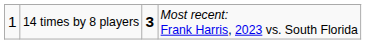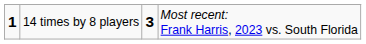 <table class="wikitable">
 <tr>
 </tr>
 <tr>
-<td>1</td>
+<td><strong>1</strong></td>
 <td style="font-size:80%;">14 times by 8 players</td>
 <td><strong>3</strong></td>
 <td colspan=2 style="font-size:80%;"><em>Most recent:</em><br><a href='#'>Frank Harris</a>, <a href='#'>2023</a> vs. South Florida<br></td>
 </tr>
 </table>
